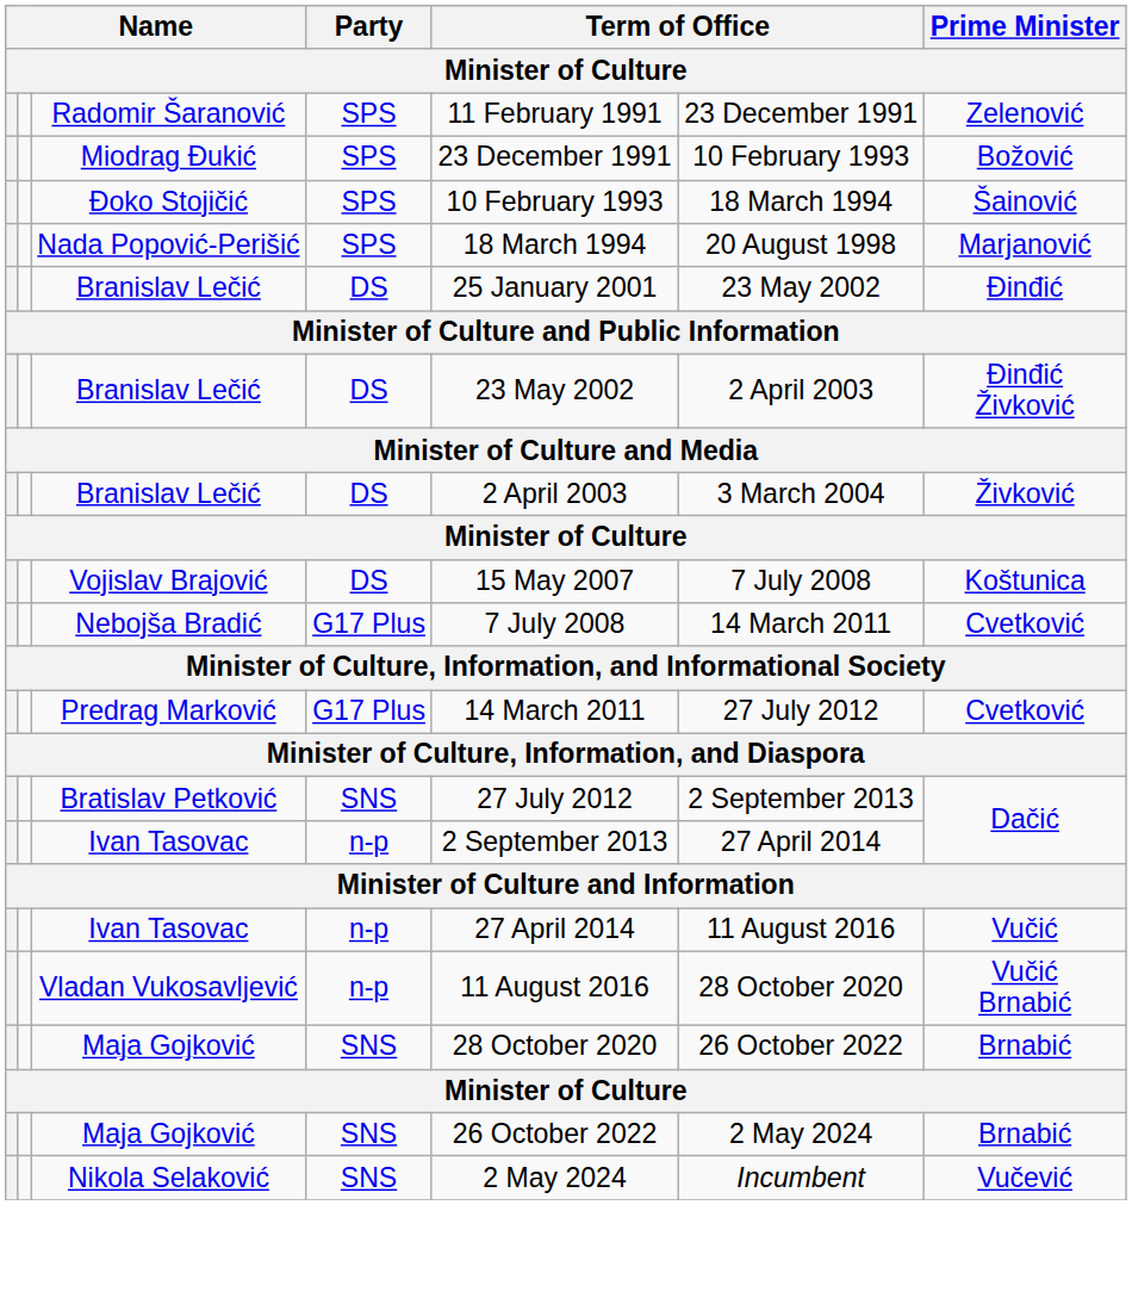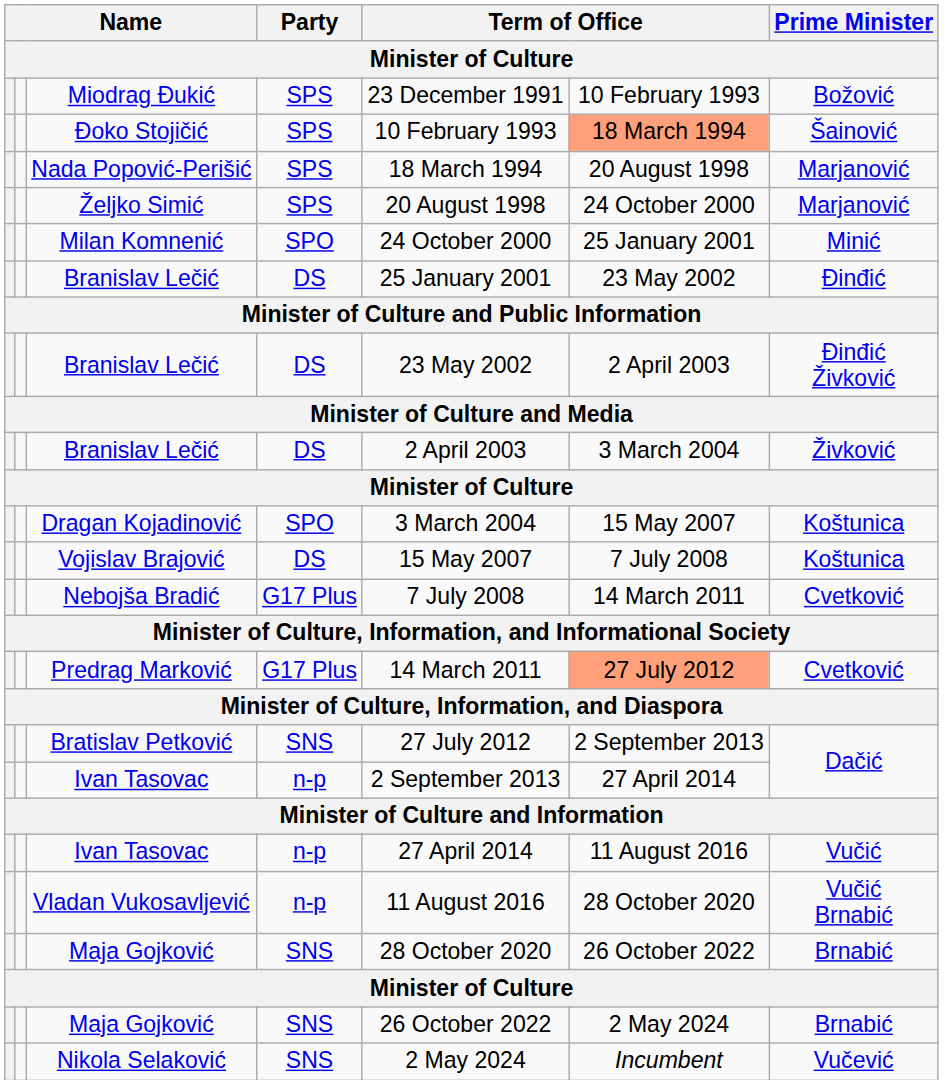 <table class="wikitable" style="text-align:center;">
 <tr>
 <th colspan=3>Name<br></th>
 <th>Party</th>
 <th colspan=2>Term of Office</th>
 <th><a href='#'>Prime Minister</a><br></th>
 </tr>
 <tr>
 <th colspan="7">Minister of Culture</th>
-</tr>
-<tr>
-<th style="background:"></th>
-<td></td>
-<td><a href='#'>Radomir Šaranović</a><br></td>
-<td><a href='#'>SPS</a></td>
-<td>11 February 1991</td>
-<td>23 December 1991</td>
-<td><a href='#'>Zelenović</a> </td>
 </tr>
 <tr>
 <th style="background:"></th>
 <td></td>
 <td><a href='#'>Miodrag Đukić</a><br></td>
 <td><a href='#'>SPS</a></td>
 <td>23 December 1991</td>
 <td>10 February 1993</td>
 <td><a href='#'>Božović</a> </td>
 </tr>
 <tr>
 <th style="background:"></th>
 <td></td>
 <td><a href='#'>Đoko Stojičić</a><br></td>
 <td><a href='#'>SPS</a></td>
 <td>10 February 1993</td>
-<td>18 March 1994</td>
+<td style="background: lightsalmon;">18 March 1994</td>
 <td><a href='#'>Šainović</a> </td>
 </tr>
 <tr>
 <th style="background:"></th>
 <td></td>
 <td><a href='#'>Nada Popović-Perišić</a><br></td>
 <td><a href='#'>SPS</a></td>
 <td>18 March 1994</td>
 <td>20 August 1998</td>
 <td><a href='#'>Marjanović</a> </td>
+</tr>
+<tr>
+<th style="background:"></th>
+<td></td>
+<td><a href='#'>Željko Simić</a><br></td>
+<td><a href='#'>SPS</a></td>
+<td>20 August 1998</td>
+<td>24 October 2000</td>
+<td><a href='#'>Marjanović</a> </td>
+</tr>
+<tr>
+<th style="background:"></th>
+<td></td>
+<td><a href='#'>Milan Komnenić</a><br></td>
+<td><a href='#'>SPO</a></td>
+<td>24 October 2000</td>
+<td>25 January 2001</td>
+<td><a href='#'>Minić</a> </td>
 </tr>
 <tr>
 <th style="background:"></th>
 <td></td>
 <td><a href='#'>Branislav Lečić</a><br></td>
 <td><a href='#'>DS</a></td>
 <td>25 January 2001</td>
 <td>23 May 2002</td>
 <td><a href='#'>Đinđić</a> </td>
 </tr>
 <tr>
 <th colspan="7">Minister of Culture and Public Information</th>
 </tr>
 <tr>
 <th style="background:"></th>
 <td></td>
 <td><a href='#'>Branislav Lečić</a><br></td>
 <td><a href='#'>DS</a></td>
 <td>23 May 2002</td>
 <td>2 April 2003</td>
 <td><a href='#'>Đinđić</a> <br><a href='#'>Živković</a> </td>
 </tr>
 <tr>
 <th colspan="7">Minister of Culture and Media</th>
 </tr>
 <tr>
 <th style="background:"></th>
 <td></td>
 <td><a href='#'>Branislav Lečić</a><br></td>
 <td><a href='#'>DS</a></td>
 <td>2 April 2003</td>
 <td>3 March 2004</td>
 <td><a href='#'>Živković</a> </td>
 </tr>
 <tr>
 <th colspan="7">Minister of Culture</th>
 </tr>
 <tr>
 <th style="background:"></th>
 <td></td>
+<td><a href='#'>Dragan Kojadinović</a><br></td>
+<td><a href='#'>SPO</a></td>
+<td>3 March 2004</td>
+<td>15 May 2007</td>
+<td><a href='#'>Koštunica</a> </td>
+</tr>
+<tr>
+<th style="background:"></th>
+<td></td>
 <td><a href='#'>Vojislav Brajović</a><br></td>
 <td><a href='#'>DS</a></td>
 <td>15 May 2007</td>
 <td>7 July 2008</td>
 <td><a href='#'>Koštunica</a> </td>
 </tr>
 <tr>
 <th style="background:"></th>
 <td></td>
 <td><a href='#'>Nebojša Bradić</a><br></td>
 <td><a href='#'>G17 Plus</a></td>
 <td>7 July 2008</td>
 <td>14 March 2011</td>
 <td><a href='#'>Cvetković</a> </td>
 </tr>
 <tr>
 <th colspan="7">Minister of Culture, Information, and Informational Society</th>
 </tr>
 <tr>
 <th style="background:"></th>
 <td></td>
 <td><a href='#'>Predrag Marković</a><br></td>
 <td><a href='#'>G17 Plus</a></td>
 <td>14 March 2011</td>
-<td>27 July 2012</td>
+<td style="background: lightsalmon;">27 July 2012</td>
 <td><a href='#'>Cvetković</a> </td>
 </tr>
 <tr>
 <th colspan="7">Minister of Culture, Information, and Diaspora</th>
 </tr>
 <tr>
 <th style="background:"></th>
 <td></td>
 <td><a href='#'>Bratislav Petković</a><br></td>
 <td><a href='#'>SNS</a></td>
 <td>27 July 2012</td>
 <td>2 September 2013</td>
 <td rowspan=2><a href='#'>Dačić</a> </td>
 </tr>
 <tr>
 <th style="background:"></th>
 <td></td>
 <td><a href='#'>Ivan Tasovac</a><br></td>
 <td><a href='#'>n-p</a></td>
 <td>2 September 2013</td>
 <td>27 April 2014</td>
 </tr>
 <tr>
 <th colspan="7">Minister of Culture and Information</th>
 </tr>
 <tr>
 <th style="background:"></th>
 <td></td>
 <td><a href='#'>Ivan Tasovac</a><br></td>
 <td><a href='#'>n-p</a></td>
 <td>27 April 2014</td>
 <td>11 August 2016</td>
 <td><a href='#'>Vučić</a> </td>
 </tr>
 <tr>
 <th style="background:"></th>
 <td></td>
 <td><a href='#'>Vladan Vukosavljević</a><br></td>
 <td><a href='#'>n-p</a></td>
 <td>11 August 2016</td>
 <td>28 October 2020</td>
 <td><a href='#'>Vučić</a> <br><a href='#'>Brnabić</a> </td>
 </tr>
 <tr>
 <th style="background:"></th>
 <td></td>
 <td><a href='#'>Maja Gojković</a><br></td>
 <td><a href='#'>SNS</a></td>
 <td>28 October 2020</td>
 <td>26 October 2022</td>
 <td><a href='#'>Brnabić</a> </td>
 </tr>
 <tr>
 <th colspan="7">Minister of Culture</th>
 </tr>
 <tr>
 <th style="background:"></th>
 <td></td>
 <td><a href='#'>Maja Gojković</a><br></td>
 <td><a href='#'>SNS</a></td>
 <td>26 October 2022</td>
 <td>2 May 2024</td>
 <td><a href='#'>Brnabić</a> </td>
 </tr>
 <tr>
 <th style="background:"></th>
 <td></td>
 <td><a href='#'>Nikola Selaković</a><br></td>
 <td><a href='#'>SNS</a></td>
 <td>2 May 2024</td>
 <td><em>Incumbent</em></td>
 <td><a href='#'>Vučević</a> </td>
 </tr>
 </table>
